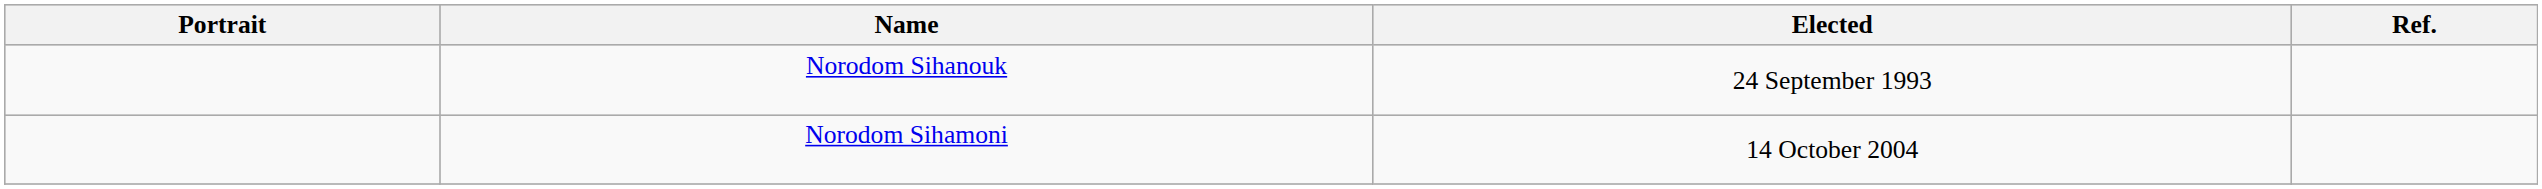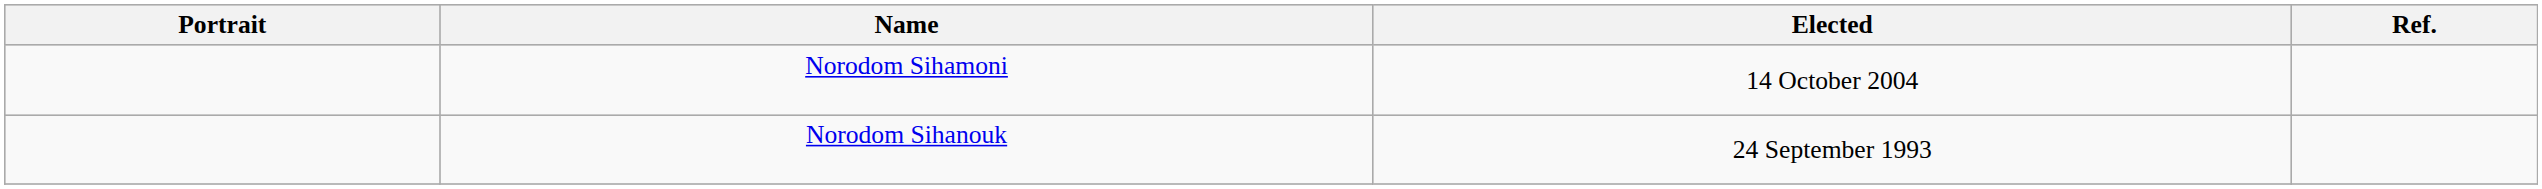 <table class="wikitable sortable" style="text-align:center; font-size:100%; width:100%">
 <tr>
 <th>Portrait</th>
 <th>Name</th>
 <th>Elected</th>
 <th>Ref.</th>
 </tr>
 <tr>
 <td></td>
+<td><a href='#'>Norodom Sihamoni</a><br><br></td>
+<td>14 October 2004</td>
+<td></td>
+</tr>
+<tr>
+<td></td>
 <td><a href='#'>Norodom Sihanouk</a><br><br></td>
 <td>24 September 1993</td>
 <td></td>
 </tr>
-<tr>
-<td></td>
-<td><a href='#'>Norodom Sihamoni</a><br><br></td>
-<td>14 October 2004</td>
-<td></td>
-</tr>
 </table>
